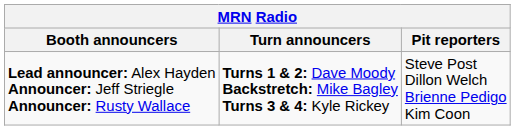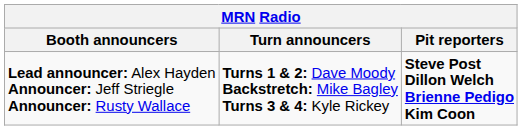 <table class="wikitable" style="font-size: 95%">
 <tr>
 <th colspan="3"><a href='#'>MRN</a> <a href='#'>Radio</a></th>
 </tr>
 <tr>
 <th>Booth announcers</th>
 <th>Turn announcers</th>
 <th>Pit reporters</th>
 </tr>
 <tr>
 <td><strong>Lead announcer:</strong> Alex Hayden<br><strong>Announcer:</strong> Jeff Striegle<br><strong>Announcer:</strong> <a href='#'>Rusty Wallace</a></td>
 <td><strong>Turns 1 & 2:</strong> <a href='#'>Dave Moody</a><br><strong>Backstretch:</strong> <a href='#'>Mike Bagley</a><br><strong>Turns 3 & 4:</strong> Kyle Rickey</td>
-<td>Steve Post<br>Dillon Welch<br><a href='#'>Brienne Pedigo</a><br>Kim Coon</td>
+<td><strong>Steve Post<br>Dillon Welch<br><a href='#'>Brienne Pedigo</a><br>Kim Coon</strong></td>
 </tr>
 </table>
